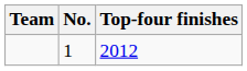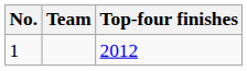 <table class="wikitable" style="text-align: left;">
 <tr>
+<th width=4>No.</th>
 <th>Team</th>
-<th width=4>No.</th>
 <th>Top-four finishes</th>
 </tr>
 <tr>
+<td>1</td>
 <td></td>
-<td>1</td>
 <td><a href='#'>2012</a></td>
 </tr>
 </table>
